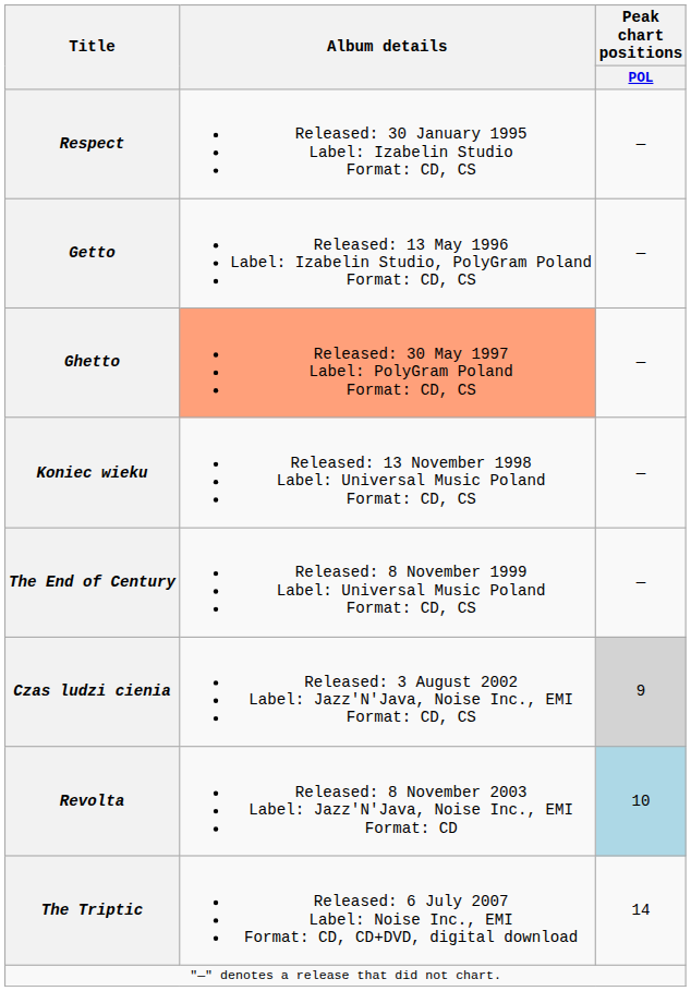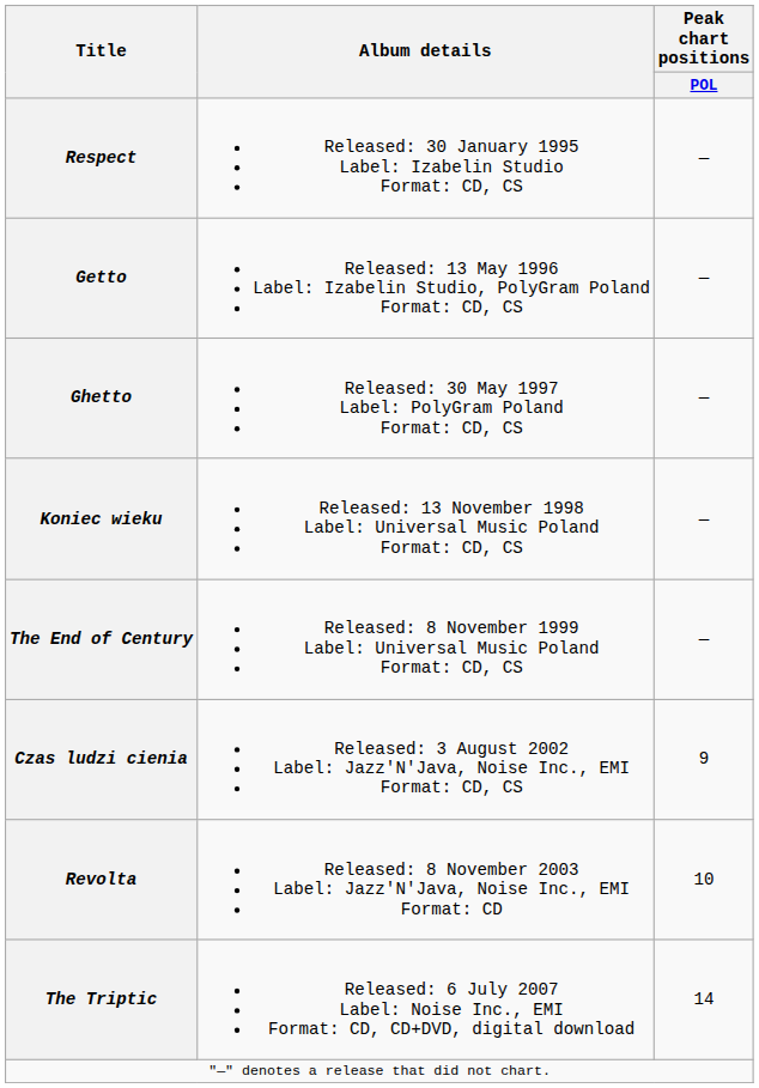 <table class="wikitable plainrowheaders" style="text-align:center;">
 <tr>
 <th scope="col" rowspan="2">Title</th>
 <th scope="col" rowspan="2">Album details</th>
 <th scope="col" colspan="1">Peak chart positions</th>
 </tr>
 <tr>
 <th scope="col" style="width:3em;font-size:90%;"><a href='#'>POL</a><br></th>
 </tr>
 <tr>
 <th scope="row"><em>Respect</em></th>
 <td><br><ul><li>Released: 30 January 1995</li><li>Label: Izabelin Studio</li><li>Format: CD, CS</li></ul></td>
 <td>—</td>
 </tr>
 <tr>
 <th scope="row"><em>Getto</em></th>
 <td><br><ul><li>Released: 13 May 1996</li><li>Label: Izabelin Studio, PolyGram Poland</li><li>Format: CD, CS</li></ul></td>
 <td>—</td>
 </tr>
 <tr>
 <th scope="row"><em>Ghetto</em></th>
-<td style="background: lightsalmon;"><br><ul><li>Released: 30 May 1997</li><li>Label: PolyGram Poland</li><li>Format: CD, CS</li></ul></td>
+<td><br><ul><li>Released: 30 May 1997</li><li>Label: PolyGram Poland</li><li>Format: CD, CS</li></ul></td>
 <td>—</td>
 </tr>
 <tr>
 <th scope="row"><em>Koniec wieku</em></th>
 <td><br><ul><li>Released: 13 November 1998</li><li>Label: Universal Music Poland</li><li>Format: CD, CS</li></ul></td>
 <td>—</td>
 </tr>
 <tr>
 <th scope="row"><em>The End of Century</em></th>
 <td><br><ul><li>Released: 8 November 1999</li><li>Label: Universal Music Poland</li><li>Format: CD, CS</li></ul></td>
 <td>—</td>
 </tr>
 <tr>
 <th scope="row"><em>Czas ludzi cienia</em></th>
 <td><br><ul><li>Released: 3 August 2002</li><li>Label: Jazz'N'Java, Noise Inc., EMI</li><li>Format: CD, CS</li></ul></td>
-<td style="background: lightgrey;">9</td>
+<td>9</td>
 </tr>
 <tr>
 <th scope="row"><em>Revolta</em></th>
 <td><br><ul><li>Released: 8 November 2003</li><li>Label: Jazz'N'Java, Noise Inc., EMI</li><li>Format: CD</li></ul></td>
-<td style="background: lightblue;">10</td>
+<td>10</td>
 </tr>
 <tr>
 <th scope="row"><em>The Triptic</em></th>
 <td><br><ul><li>Released: 6 July 2007</li><li>Label: Noise Inc., EMI</li><li>Format: CD, CD+DVD, digital download</li></ul></td>
 <td>14</td>
 </tr>
 <tr>
 <td align="center" colspan="20" style="font-size: 8pt">"—" denotes a release that did not chart.</td>
 </tr>
 <tr>
 </tr>
 </table>
